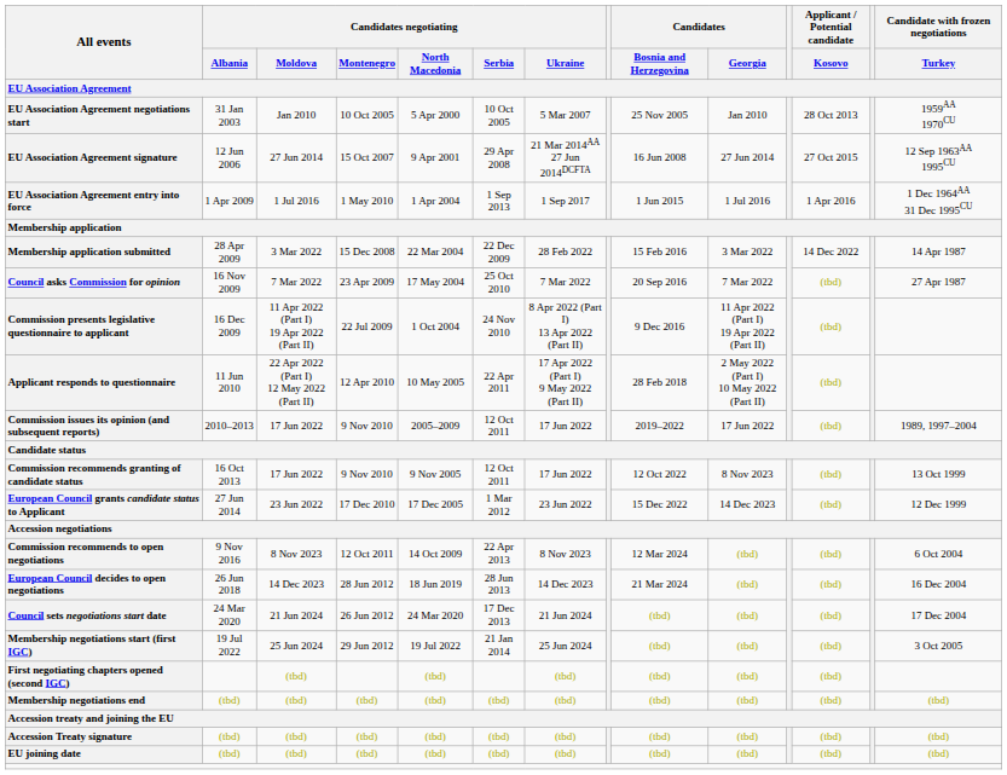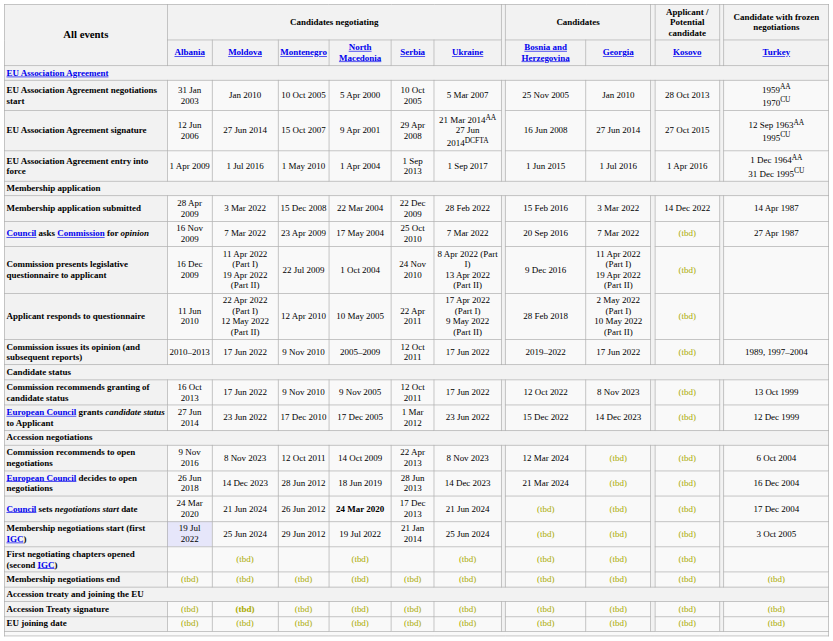 <table class="wikitable collapsible collapsed" style="text-align:center; font-size:85%">
 <tr>
 <th rowspan=2><big>All events</big></th>
 <th colspan=6>Candidates negotiating</th>
 <th rowspan=2></th>
 <th colspan=2>Candidates</th>
 <th rowspan=2></th>
 <th>Applicant /<br>Potential candidate</th>
 <th rowspan=2></th>
 <th>Candidate with frozen negotiations</th>
 </tr>
 <tr>
 <th><a href='#'>Albania</a></th>
 <th><a href='#'>Moldova</a></th>
 <th><a href='#'>Montenegro</a></th>
 <th><a href='#'>North Macedonia</a></th>
 <th><a href='#'>Serbia</a></th>
 <th><a href='#'>Ukraine</a></th>
 <th><a href='#'>Bosnia and Herzegovina</a></th>
 <th><a href='#'>Georgia</a></th>
 <th><a href='#'>Kosovo</a></th>
 <th><a href='#'>Turkey</a></th>
 </tr>
 <tr>
 <th colspan=14 style="text-align:left"><a href='#'>EU Association Agreement</a></th>
 </tr>
 <tr>
 <th style="text-align:left">EU Association Agreement negotiations start</th>
 <td>31 Jan 2003</td>
 <td>Jan 2010</td>
 <td>10 Oct 2005</td>
 <td>5 Apr 2000</td>
 <td>10 Oct 2005</td>
 <td>5 Mar 2007</td>
 <th rowspan=3></th>
 <td>25 Nov 2005</td>
 <td>Jan 2010</td>
 <th rowspan=3></th>
 <td>28 Oct 2013</td>
 <th rowspan=3></th>
 <td>1959<sup>AA</sup><br>1970<sup>CU</sup></td>
 </tr>
 <tr>
 <th style="text-align:left">EU Association Agreement signature</th>
 <td>12 Jun 2006</td>
 <td>27 Jun 2014</td>
 <td>15 Oct 2007</td>
 <td>9 Apr 2001</td>
 <td>29 Apr 2008</td>
 <td>21 Mar 2014<sup>AA</sup><br>27 Jun 2014<sup>DCFTA</sup></td>
 <td>16 Jun 2008</td>
 <td>27 Jun 2014</td>
 <td>27 Oct 2015</td>
 <td>12 Sep 1963<sup>AA</sup><br>1995<sup>CU</sup></td>
 </tr>
 <tr>
 <th style="text-align:left">EU Association Agreement entry into force</th>
 <td>1 Apr 2009</td>
 <td>1 Jul 2016</td>
 <td>1 May 2010</td>
 <td>1 Apr 2004</td>
 <td>1 Sep 2013</td>
 <td>1 Sep 2017</td>
 <td>1 Jun 2015</td>
 <td>1 Jul 2016</td>
 <td>1 Apr 2016</td>
 <td>1 Dec 1964<sup>AA</sup><br>31 Dec 1995<sup>CU</sup></td>
 </tr>
 <tr>
 <th colspan=14 style="text-align:left">Membership application</th>
 </tr>
 <tr>
 <th style="text-align:left">Membership application submitted</th>
 <td>28 Apr 2009</td>
 <td>3 Mar 2022</td>
 <td>15 Dec 2008</td>
 <td>22 Mar 2004</td>
 <td>22 Dec 2009</td>
 <td>28 Feb 2022</td>
 <th rowspan=5></th>
 <td>15 Feb 2016</td>
 <td>3 Mar 2022</td>
 <th rowspan=5></th>
 <td>14 Dec 2022</td>
 <th rowspan=5></th>
 <td>14 Apr 1987</td>
 </tr>
 <tr>
 <th style="text-align:left"><a href='#'>Council</a> asks <a href='#'>Commission</a> for <em>opinion</em></th>
 <td>16 Nov 2009</td>
 <td>7 Mar 2022</td>
 <td>23 Apr 2009</td>
 <td>17 May 2004</td>
 <td>25 Oct 2010</td>
 <td>7 Mar 2022</td>
 <td>20 Sep 2016</td>
 <td>7 Mar 2022</td>
 <td style="color:#aa0">(tbd)</td>
 <td>27 Apr 1987</td>
 </tr>
 <tr>
 <th style="text-align:left">Commission presents legislative questionnaire to applicant</th>
 <td>16 Dec 2009</td>
 <td>11 Apr 2022 (Part I)<br>19 Apr 2022 (Part II)</td>
 <td>22 Jul 2009</td>
 <td>1 Oct 2004</td>
 <td>24 Nov 2010</td>
 <td>8 Apr 2022 (Part I)<br>13 Apr 2022 (Part II)</td>
 <td>9 Dec 2016</td>
 <td>11 Apr 2022 (Part I)<br>19 Apr 2022 (Part II)</td>
 <td style="color:#aa0">(tbd)</td>
 <td></td>
 </tr>
 <tr>
 <th style="text-align:left">Applicant responds to questionnaire</th>
 <td>11 Jun 2010</td>
 <td>22 Apr 2022 (Part I)<br>12 May 2022 (Part II)</td>
 <td>12 Apr 2010</td>
 <td>10 May 2005</td>
 <td>22 Apr 2011</td>
 <td>17 Apr 2022 (Part I)<br>9 May 2022 (Part II)</td>
 <td>28 Feb 2018</td>
 <td>2 May 2022 (Part I)<br>10 May 2022 (Part II)</td>
 <td style="color:#aa0">(tbd)</td>
 <td></td>
 </tr>
 <tr>
 <th style="text-align:left">Commission issues its opinion (and subsequent reports)</th>
 <td>2010–2013</td>
 <td>17 Jun 2022</td>
 <td>9 Nov 2010</td>
 <td>2005–2009</td>
 <td>12 Oct 2011</td>
 <td>17 Jun 2022</td>
 <td>2019–2022</td>
 <td>17 Jun 2022</td>
 <td style="color:#aa0">(tbd)</td>
 <td>1989, 1997–2004</td>
 </tr>
 <tr>
 <th colspan=14 style="text-align:left">Candidate status</th>
 </tr>
 <tr>
 <th style="text-align:left">Commission recommends granting of candidate status</th>
 <td>16 Oct 2013</td>
 <td>17 Jun 2022</td>
 <td>9 Nov 2010</td>
 <td>9 Nov 2005</td>
 <td>12 Oct 2011</td>
 <td>17 Jun 2022</td>
 <th rowspan=2></th>
 <td>12 Oct 2022</td>
 <td>8 Nov 2023</td>
 <th rowspan=2></th>
 <td style="color:#aa0">(tbd)</td>
 <th rowspan=2></th>
 <td>13 Oct 1999</td>
 </tr>
 <tr>
 <th style="text-align:left"><a href='#'>European Council</a> grants <em>candidate status</em> to Applicant</th>
 <td>27 Jun 2014</td>
 <td>23 Jun 2022</td>
 <td>17 Dec 2010</td>
 <td>17 Dec 2005</td>
 <td>1 Mar 2012</td>
 <td>23 Jun 2022</td>
 <td>15 Dec 2022</td>
 <td>14 Dec 2023</td>
 <td style="color:#aa0">(tbd)</td>
 <td>12 Dec 1999</td>
 </tr>
 <tr>
 <th colspan=14 style="text-align:left">Accession negotiations</th>
 </tr>
 <tr>
 <th style="text-align:left">Commission recommends to open negotiations</th>
 <td>9 Nov 2016</td>
 <td>8 Nov 2023</td>
 <td>12 Oct 2011</td>
 <td>14 Oct 2009</td>
 <td>22 Apr 2013</td>
 <td>8 Nov 2023</td>
 <th rowspan=6></th>
 <td>12 Mar 2024</td>
 <td style="color:#aa0">(tbd)</td>
 <th rowspan=6></th>
 <td style="color:#aa0">(tbd)</td>
 <th rowspan=6></th>
 <td>6 Oct 2004</td>
 </tr>
 <tr>
 <th style="text-align:left"><a href='#'>European Council</a> decides to open negotiations</th>
 <td>26 Jun 2018</td>
 <td>14 Dec 2023</td>
 <td>28 Jun 2012</td>
 <td>18 Jun 2019</td>
 <td>28 Jun 2013</td>
 <td>14 Dec 2023</td>
 <td>21 Mar 2024</td>
 <td style="color:#aa0">(tbd)</td>
 <td style="color:#aa0">(tbd)</td>
 <td>16 Dec 2004</td>
 </tr>
 <tr>
 <th style="text-align:left"><a href='#'>Council</a> sets <em>negotiations start</em> date</th>
 <td>24 Mar 2020</td>
 <td>21 Jun 2024</td>
 <td>26 Jun 2012</td>
-<td>24 Mar 2020</td>
+<td><strong>24 Mar 2020</strong></td>
 <td>17 Dec 2013</td>
 <td>21 Jun 2024</td>
 <td style="color:#aa0">(tbd)</td>
 <td style="color:#aa0">(tbd)</td>
 <td style="color:#aa0">(tbd)</td>
 <td>17 Dec 2004</td>
 </tr>
 <tr>
 <th style="text-align:left">Membership negotiations start (first <a href='#'>IGC</a>)</th>
-<td>19 Jul 2022</td>
+<td style="background: lavender;">19 Jul 2022</td>
 <td>25 Jun 2024</td>
 <td>29 Jun 2012</td>
 <td>19 Jul 2022</td>
 <td>21 Jan 2014</td>
 <td>25 Jun 2024</td>
 <td style="color:#aa0">(tbd)</td>
 <td style="color:#aa0">(tbd)</td>
 <td style="color:#aa0">(tbd)</td>
 <td>3 Oct 2005</td>
 </tr>
 <tr>
 <th style="text-align:left">First negotiating chapters opened (second <a href='#'>IGC</a>)</th>
 <td></td>
 <td style="color:#aa0">(tbd)</td>
 <td></td>
 <td style="color:#aa0">(tbd)</td>
 <td></td>
 <td style="color:#aa0">(tbd)</td>
 <td style="color:#aa0">(tbd)</td>
 <td style="color:#aa0">(tbd)</td>
 <td style="color:#aa0">(tbd)</td>
 <td></td>
 </tr>
 <tr>
 <th style="text-align:left">Membership negotiations end</th>
 <td style="color:#aa0">(tbd)</td>
 <td style="color:#aa0">(tbd)</td>
 <td style="color:#aa0">(tbd)</td>
 <td style="color:#aa0">(tbd)</td>
 <td style="color:#aa0">(tbd)</td>
 <td style="color:#aa0">(tbd)</td>
 <td style="color:#aa0">(tbd)</td>
 <td style="color:#aa0">(tbd)</td>
 <td style="color:#aa0">(tbd)</td>
 <td style="color:#aa0">(tbd)</td>
 </tr>
 <tr>
 <th colspan=14 style="text-align:left">Accession treaty and joining the EU</th>
 </tr>
 <tr>
 <th style="text-align:left">Accession Treaty signature</th>
 <td style="color:#aa0">(tbd)</td>
-<td style="color:#aa0">(tbd)</td>
+<td style="color:#aa0"><strong>(tbd)</strong></td>
 <td style="color:#aa0">(tbd)</td>
 <td style="color:#aa0">(tbd)</td>
 <td style="color:#aa0">(tbd)</td>
 <td style="color:#aa0">(tbd)</td>
 <th rowspan=2></th>
 <td style="color:#aa0">(tbd)</td>
 <td style="color:#aa0">(tbd)</td>
 <th rowspan=2></th>
 <td style="color:#aa0">(tbd)</td>
 <th rowspan=2></th>
 <td style="color:#aa0">(tbd)</td>
 </tr>
 <tr>
 <th style="text-align:left">EU joining date</th>
 <td style="color:#aa0">(tbd)</td>
 <td style="color:#aa0">(tbd)</td>
 <td style="color:#aa0">(tbd)</td>
 <td style="color:#aa0">(tbd)</td>
 <td style="color:#aa0">(tbd)</td>
 <td style="color:#aa0">(tbd)</td>
 <td style="color:#aa0">(tbd)</td>
 <td style="color:#aa0">(tbd)</td>
 <td style="color:#aa0">(tbd)</td>
 <td style="color:#aa0">(tbd)</td>
 </tr>
 <tr>
 <td colspan=14></td>
 </tr>
 </table>
